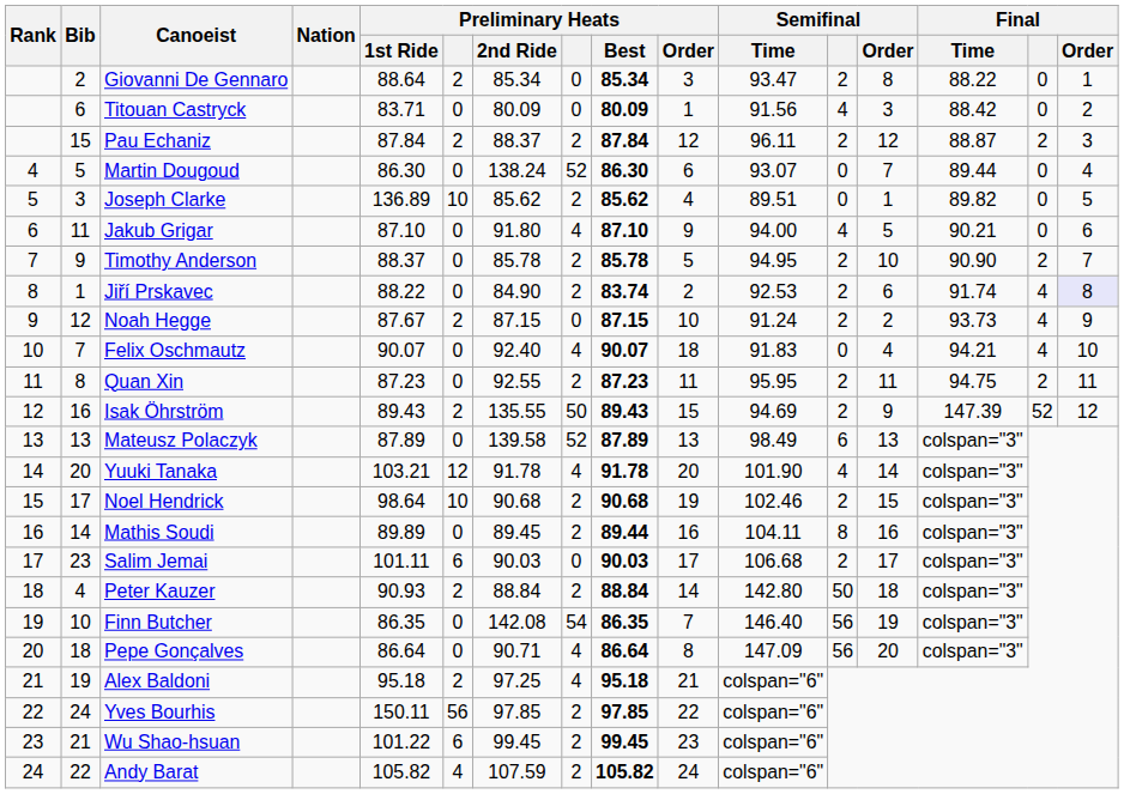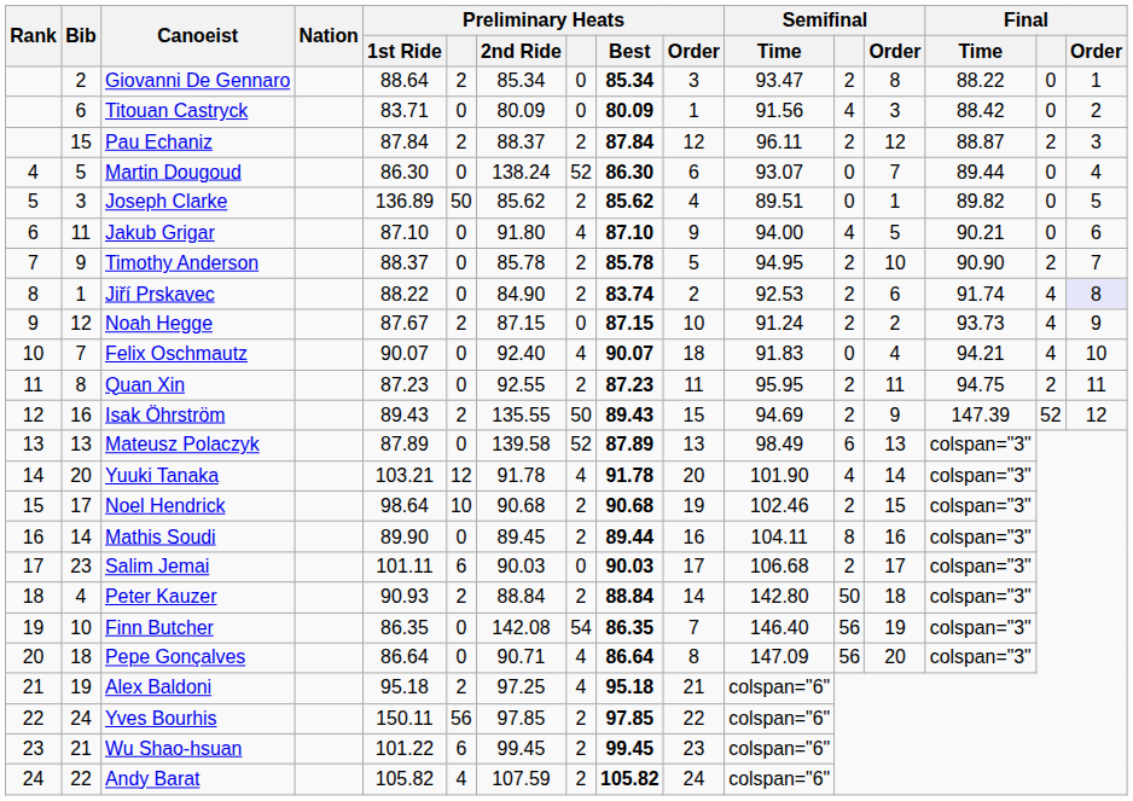 <table class="wikitable sortable" style="text-align:center">
 <tr>
 <th rowspan="2">Rank</th>
 <th rowspan="2">Bib</th>
 <th rowspan="2">Canoeist</th>
 <th rowspan="2">Nation</th>
 <th colspan="6">Preliminary Heats</th>
 <th colspan="3">Semifinal</th>
 <th colspan="3">Final</th>
 </tr>
 <tr>
 <th>1st Ride</th>
 <th></th>
 <th>2nd Ride</th>
 <th></th>
 <th>Best</th>
 <th>Order</th>
 <th>Time</th>
 <th></th>
 <th>Order</th>
 <th>Time</th>
 <th></th>
 <th>Order</th>
 </tr>
 <tr>
 <td></td>
 <td>2</td>
 <td align="left"><a href='#'>Giovanni De Gennaro</a></td>
 <td align="left"></td>
 <td>88.64</td>
 <td>2</td>
 <td>85.34</td>
 <td>0</td>
 <td><strong>85.34</strong></td>
 <td>3</td>
 <td>93.47</td>
 <td>2</td>
 <td>8</td>
 <td>88.22</td>
 <td>0</td>
 <td>1</td>
 </tr>
 <tr>
 <td></td>
 <td>6</td>
 <td align="left"><a href='#'>Titouan Castryck</a></td>
 <td align="left"></td>
 <td>83.71</td>
 <td>0</td>
 <td>80.09</td>
 <td>0</td>
 <td><strong>80.09</strong></td>
 <td>1</td>
 <td>91.56</td>
 <td>4</td>
 <td>3</td>
 <td>88.42</td>
 <td>0</td>
 <td>2</td>
 </tr>
 <tr>
 <td></td>
 <td>15</td>
 <td align="left"><a href='#'>Pau Echaniz</a></td>
 <td align="left"></td>
 <td>87.84</td>
 <td>2</td>
 <td>88.37</td>
 <td>2</td>
 <td><strong>87.84</strong></td>
 <td>12</td>
 <td>96.11</td>
 <td>2</td>
 <td>12</td>
 <td>88.87</td>
 <td>2</td>
 <td>3</td>
 </tr>
 <tr>
 <td>4</td>
 <td>5</td>
 <td align="left"><a href='#'>Martin Dougoud</a></td>
 <td align="left"></td>
 <td>86.30</td>
 <td>0</td>
 <td>138.24</td>
 <td>52</td>
 <td><strong>86.30</strong></td>
 <td>6</td>
 <td>93.07</td>
 <td>0</td>
 <td>7</td>
 <td>89.44</td>
 <td>0</td>
 <td>4</td>
 </tr>
 <tr>
 <td>5</td>
 <td>3</td>
 <td align="left"><a href='#'>Joseph Clarke</a></td>
 <td align="left"></td>
 <td>136.89</td>
-<td>10</td>
+<td>50</td>
 <td>85.62</td>
 <td>2</td>
 <td><strong>85.62</strong></td>
 <td>4</td>
 <td>89.51</td>
 <td>0</td>
 <td>1</td>
 <td>89.82</td>
 <td>0</td>
 <td>5</td>
 </tr>
 <tr>
 <td>6</td>
 <td>11</td>
 <td align="left"><a href='#'>Jakub Grigar</a></td>
 <td align="left"></td>
 <td>87.10</td>
 <td>0</td>
 <td>91.80</td>
 <td>4</td>
 <td><strong>87.10</strong></td>
 <td>9</td>
 <td>94.00</td>
 <td>4</td>
 <td>5</td>
 <td>90.21</td>
 <td>0</td>
 <td>6</td>
 </tr>
 <tr>
 <td>7</td>
 <td>9</td>
 <td align="left"><a href='#'>Timothy Anderson</a></td>
 <td align="left"></td>
 <td>88.37</td>
 <td>0</td>
 <td>85.78</td>
 <td>2</td>
 <td><strong>85.78</strong></td>
 <td>5</td>
 <td>94.95</td>
 <td>2</td>
 <td>10</td>
 <td>90.90</td>
 <td>2</td>
 <td>7</td>
 </tr>
 <tr>
 <td>8</td>
 <td>1</td>
 <td align="left"><a href='#'>Jiří Prskavec</a></td>
 <td align="left"></td>
 <td>88.22</td>
 <td>0</td>
 <td>84.90</td>
 <td>2</td>
 <td><strong>83.74</strong></td>
 <td>2</td>
 <td>92.53</td>
 <td>2</td>
 <td>6</td>
 <td>91.74</td>
 <td>4</td>
 <td style="background: lavender;">8</td>
 </tr>
 <tr>
 <td>9</td>
 <td>12</td>
 <td align="left"><a href='#'>Noah Hegge</a></td>
 <td align="left"></td>
 <td>87.67</td>
 <td>2</td>
 <td>87.15</td>
 <td>0</td>
 <td><strong>87.15</strong></td>
 <td>10</td>
 <td>91.24</td>
 <td>2</td>
 <td>2</td>
 <td>93.73</td>
 <td>4</td>
 <td>9</td>
 </tr>
 <tr>
 <td>10</td>
 <td>7</td>
 <td align="left"><a href='#'>Felix Oschmautz</a></td>
 <td align="left"></td>
 <td>90.07</td>
 <td>0</td>
 <td>92.40</td>
 <td>4</td>
 <td><strong>90.07</strong></td>
 <td>18</td>
 <td>91.83</td>
 <td>0</td>
 <td>4</td>
 <td>94.21</td>
 <td>4</td>
 <td>10</td>
 </tr>
 <tr>
 <td>11</td>
 <td>8</td>
 <td align="left"><a href='#'>Quan Xin</a></td>
 <td align="left"></td>
 <td>87.23</td>
 <td>0</td>
 <td>92.55</td>
 <td>2</td>
 <td><strong>87.23</strong></td>
 <td>11</td>
 <td>95.95</td>
 <td>2</td>
 <td>11</td>
 <td>94.75</td>
 <td>2</td>
 <td>11</td>
 </tr>
 <tr>
 <td>12</td>
 <td>16</td>
 <td align="left"><a href='#'>Isak Öhrström</a></td>
 <td align="left"></td>
 <td>89.43</td>
 <td>2</td>
 <td>135.55</td>
 <td>50</td>
 <td><strong>89.43</strong></td>
 <td>15</td>
 <td>94.69</td>
 <td>2</td>
 <td>9</td>
 <td>147.39</td>
 <td>52</td>
 <td>12</td>
 </tr>
 <tr>
 <td>13</td>
 <td>13</td>
 <td align="left"><a href='#'>Mateusz Polaczyk</a></td>
 <td align="left"></td>
 <td>87.89</td>
 <td>0</td>
 <td>139.58</td>
 <td>52</td>
 <td><strong>87.89</strong></td>
 <td>13</td>
 <td>98.49</td>
 <td>6</td>
 <td>13</td>
 <td>colspan="3" </td>
 </tr>
 <tr>
 <td>14</td>
 <td>20</td>
 <td align="left"><a href='#'>Yuuki Tanaka</a></td>
 <td align="left"></td>
 <td>103.21</td>
 <td>12</td>
 <td>91.78</td>
 <td>4</td>
 <td><strong>91.78</strong></td>
 <td>20</td>
 <td>101.90</td>
 <td>4</td>
 <td>14</td>
 <td>colspan="3" </td>
 </tr>
 <tr>
 <td>15</td>
 <td>17</td>
 <td align="left"><a href='#'>Noel Hendrick</a></td>
 <td align="left"></td>
 <td>98.64</td>
 <td>10</td>
 <td>90.68</td>
 <td>2</td>
 <td><strong>90.68</strong></td>
 <td>19</td>
 <td>102.46</td>
 <td>2</td>
 <td>15</td>
 <td>colspan="3" </td>
 </tr>
 <tr>
 <td>16</td>
 <td>14</td>
 <td align="left"><a href='#'>Mathis Soudi</a></td>
 <td align="left"></td>
-<td>89.89</td>
+<td>89.90</td>
 <td>0</td>
 <td>89.45</td>
 <td>2</td>
 <td><strong>89.44</strong></td>
 <td>16</td>
 <td>104.11</td>
 <td>8</td>
 <td>16</td>
 <td>colspan="3" </td>
 </tr>
 <tr>
 <td>17</td>
 <td>23</td>
 <td align="left"><a href='#'>Salim Jemai</a></td>
 <td align="left"></td>
 <td>101.11</td>
 <td>6</td>
 <td>90.03</td>
 <td>0</td>
 <td><strong>90.03</strong></td>
 <td>17</td>
 <td>106.68</td>
 <td>2</td>
 <td>17</td>
 <td>colspan="3" </td>
 </tr>
 <tr>
 <td>18</td>
 <td>4</td>
 <td align="left"><a href='#'>Peter Kauzer</a></td>
 <td align="left"></td>
 <td>90.93</td>
 <td>2</td>
 <td>88.84</td>
 <td>2</td>
 <td><strong>88.84</strong></td>
 <td>14</td>
 <td>142.80</td>
 <td>50</td>
 <td>18</td>
 <td>colspan="3" </td>
 </tr>
 <tr>
 <td>19</td>
 <td>10</td>
 <td align="left"><a href='#'>Finn Butcher</a></td>
 <td align="left"></td>
 <td>86.35</td>
 <td>0</td>
 <td>142.08</td>
 <td>54</td>
 <td><strong>86.35</strong></td>
 <td>7</td>
 <td>146.40</td>
 <td>56</td>
 <td>19</td>
 <td>colspan="3" </td>
 </tr>
 <tr>
 <td>20</td>
 <td>18</td>
 <td align="left"><a href='#'>Pepe Gonçalves</a></td>
 <td align="left"></td>
 <td>86.64</td>
 <td>0</td>
 <td>90.71</td>
 <td>4</td>
 <td><strong>86.64</strong></td>
 <td>8</td>
 <td>147.09</td>
 <td>56</td>
 <td>20</td>
 <td>colspan="3" </td>
 </tr>
 <tr>
 <td>21</td>
 <td>19</td>
 <td align="left"><a href='#'>Alex Baldoni</a></td>
 <td align="left"></td>
 <td>95.18</td>
 <td>2</td>
 <td>97.25</td>
 <td>4</td>
 <td><strong>95.18</strong></td>
 <td>21</td>
 <td>colspan="6" </td>
 </tr>
 <tr>
 <td>22</td>
 <td>24</td>
 <td align="left"><a href='#'>Yves Bourhis</a></td>
 <td align="left"></td>
 <td>150.11</td>
 <td>56</td>
 <td>97.85</td>
 <td>2</td>
 <td><strong>97.85</strong></td>
 <td>22</td>
 <td>colspan="6" </td>
 </tr>
 <tr>
 <td>23</td>
 <td>21</td>
 <td align="left"><a href='#'>Wu Shao-hsuan</a></td>
 <td align="left"></td>
 <td>101.22</td>
 <td>6</td>
 <td>99.45</td>
 <td>2</td>
 <td><strong>99.45</strong></td>
 <td>23</td>
 <td>colspan="6" </td>
 </tr>
 <tr>
 <td>24</td>
 <td>22</td>
 <td align="left"><a href='#'>Andy Barat</a></td>
 <td align="left"></td>
 <td>105.82</td>
 <td>4</td>
 <td>107.59</td>
 <td>2</td>
 <td><strong>105.82</strong></td>
 <td>24</td>
 <td>colspan="6" </td>
 </tr>
 </table>
